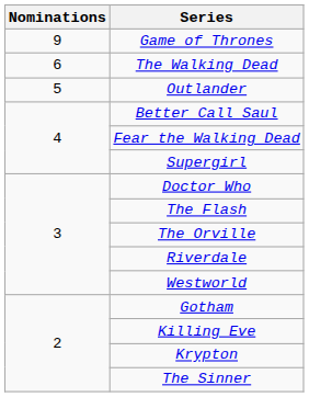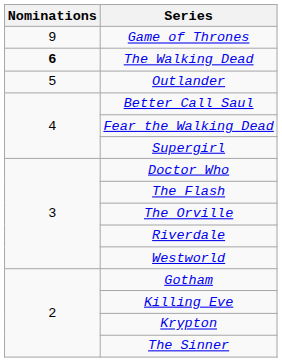 <table class="wikitable right" style="text-align: center;">
 <tr>
 <th scope="col" style="text-align:center">Nominations</th>
 <th scope="col" style="text-align:center">Series</th>
 </tr>
 <tr>
 <td scope=row style="text-align:center">9</td>
 <td><em><a href='#'>Game of Thrones</a></em></td>
 </tr>
 <tr>
-<td scope=row style="text-align:center">6</td>
+<td scope=row style="text-align:center"><strong>6</strong></td>
 <td><em><a href='#'>The Walking Dead</a></em></td>
 </tr>
 <tr>
 <td scope=row style="text-align:center">5</td>
 <td><em><a href='#'>Outlander</a></em></td>
 </tr>
 <tr>
 <td rowspan=3 scope=row style="text-align:center">4</td>
 <td><em><a href='#'>Better Call Saul</a></em></td>
 </tr>
 <tr>
 <td><em><a href='#'>Fear the Walking Dead</a></em></td>
 </tr>
 <tr>
 <td><em><a href='#'>Supergirl</a></em></td>
 </tr>
 <tr>
 <td rowspan=5 scope=row style="text-align:center">3</td>
 <td><em><a href='#'>Doctor Who</a></em></td>
 </tr>
 <tr>
 <td><em><a href='#'>The Flash</a></em></td>
 </tr>
 <tr>
 <td><em><a href='#'>The Orville</a></em></td>
 </tr>
 <tr>
 <td><em><a href='#'>Riverdale</a></em></td>
 </tr>
 <tr>
 <td><em><a href='#'>Westworld</a></em></td>
 </tr>
 <tr>
 <td rowspan=4 scope=row style="text-align:center">2</td>
 <td><em><a href='#'>Gotham</a></em></td>
 </tr>
 <tr>
 <td><em><a href='#'>Killing Eve</a></em></td>
 </tr>
 <tr>
 <td><em><a href='#'>Krypton</a></em></td>
 </tr>
 <tr>
 <td><em><a href='#'>The Sinner</a></em></td>
 </tr>
 </table>
